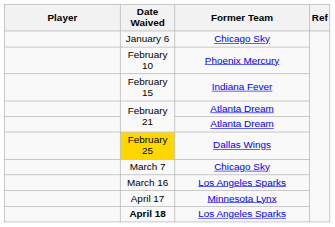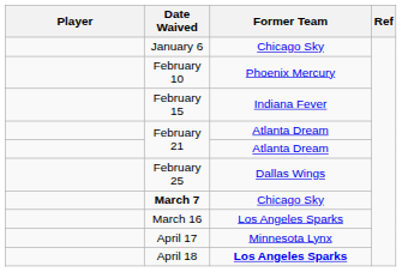 <table class="wikitable sortable" style="text-align:center">
 <tr>
 <th style="width:180px">Player</th>
 <th style="width:80px">Date Waived</th>
 <th style="width:210px">Former Team</th>
 <th class="unsortable">Ref</th>
 </tr>
 <tr>
 <td align=left> </td>
 <td align=center>January 6</td>
 <td align=center><a href='#'>Chicago Sky</a></td>
 <td rowspan="10" align=center></td>
 </tr>
 <tr>
 <td align=left> </td>
 <td align=center>February 10</td>
 <td align=center><a href='#'>Phoenix Mercury</a></td>
 </tr>
 <tr>
 <td align=left> </td>
 <td align=center>February 15</td>
 <td align=center><a href='#'>Indiana Fever</a></td>
 </tr>
 <tr>
 <td align=left> </td>
 <td rowspan="2" align=center>February 21</td>
 <td align=center><a href='#'>Atlanta Dream</a></td>
 </tr>
 <tr>
 <td align=left> </td>
 <td align=center><a href='#'>Atlanta Dream</a></td>
 </tr>
 <tr>
 <td align=left> </td>
-<td align=center style="background: gold;">February 25</td>
+<td align=center>February 25</td>
 <td align=center><a href='#'>Dallas Wings</a></td>
 </tr>
 <tr>
 <td align=left> </td>
-<td align=center>March 7</td>
+<td align=center><strong>March 7</strong></td>
 <td align=center><a href='#'>Chicago Sky</a></td>
 </tr>
 <tr>
 <td align=left> </td>
 <td align=center>March 16</td>
 <td align=center><a href='#'>Los Angeles Sparks</a></td>
 </tr>
 <tr>
 <td align=left> </td>
 <td align=center>April 17</td>
 <td align=center><a href='#'>Minnesota Lynx</a></td>
 </tr>
 <tr>
 <td align=left> </td>
-<td align=center><strong>April 18</strong></td>
-<td align=center><a href='#'>Los Angeles Sparks</a></td>
+<td align=center>April 18</td>
+<td align=center><strong><a href='#'>Los Angeles Sparks</a></strong></td>
 </tr>
 </table>
